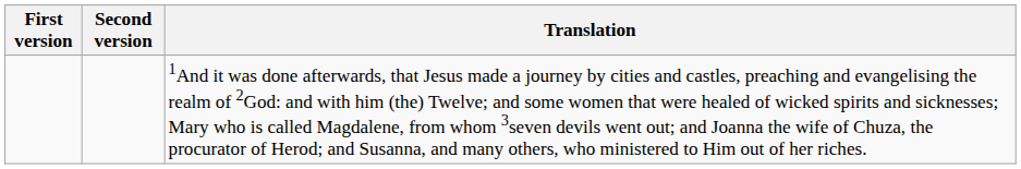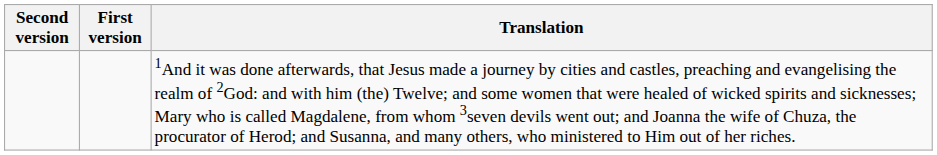 <table class="wikitable">
 <tr>
+<th>Second version</th>
 <th>First version</th>
-<th>Second version</th>
 <th>Translation</th>
 </tr>
 <tr>
 <td></td>
 <td></td>
 <td><sup>1</sup>And it was done afterwards, that Jesus made a journey by cities and castles, preaching and evangelising the realm of <sup>2</sup>God: and with him (the) Twelve; and some women that were healed of wicked spirits and sicknesses; Mary who is called Magdalene, from whom <sup>3</sup>seven devils went out; and Joanna the wife of Chuza, the procurator of Herod; and Susanna, and many others, who ministered to Him out of her riches.</td>
 </tr>
 </table>
